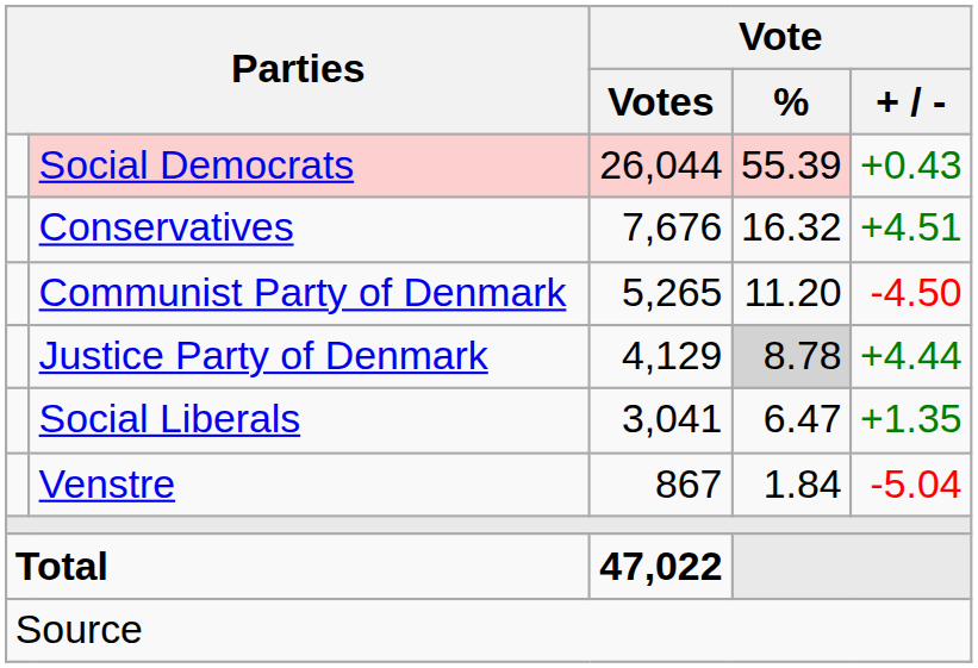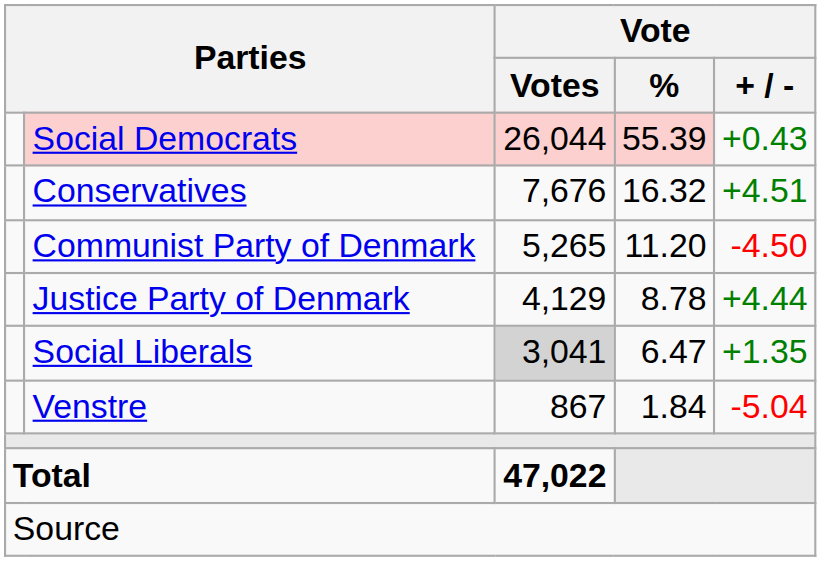 <table class="wikitable" style="text-align:right;">
 <tr>
 <th style="text-align:centre;" rowspan="2" colspan="2" width="225">Parties</th>
 <th colspan="3">Vote</th>
 </tr>
 <tr>
 <th width="15">Votes</th>
 <th width="15">%</th>
 <th width="15">+ / -</th>
 </tr>
 <tr>
 <td width="2" style="color:inherit;background:"></td>
 <td bgcolor=#fbd0ce  align="left"><a href='#'>Social Democrats</a></td>
 <td bgcolor=#fbd0ce>26,044</td>
 <td bgcolor=#fbd0ce>55.39</td>
 <td style=color:green;>+0.43</td>
 </tr>
 <tr>
 <td width="2" style="color:inherit;background:"></td>
 <td align="left"><a href='#'>Conservatives</a></td>
 <td>7,676</td>
 <td>16.32</td>
 <td style=color:green;>+4.51</td>
 </tr>
 <tr>
 <td width="2" style="color:inherit;background:"></td>
 <td align="left"><a href='#'>Communist Party of Denmark</a></td>
 <td>5,265</td>
 <td>11.20</td>
 <td style=color:red;>-4.50</td>
 </tr>
 <tr>
 <td width="2" style="color:inherit;background:"></td>
 <td align="left"><a href='#'>Justice Party of Denmark</a></td>
 <td>4,129</td>
-<td style="background: lightgrey;">8.78</td>
+<td>8.78</td>
 <td style=color:green;>+4.44</td>
 </tr>
 <tr>
 <td width="2" style="color:inherit;background:"></td>
 <td align="left"><a href='#'>Social Liberals</a></td>
-<td>3,041</td>
+<td style="background: lightgrey;">3,041</td>
 <td>6.47</td>
 <td style=color:green;>+1.35</td>
 </tr>
 <tr>
 <td width="2" style="color:inherit;background:"></td>
 <td align="left"><a href='#'>Venstre</a></td>
 <td>867</td>
 <td>1.84</td>
 <td style=color:red;>-5.04</td>
 </tr>
 <tr>
 <td colspan="7" bgcolor="#E9E9E9"></td>
 </tr>
 <tr>
 <td align="left" colspan="2"><strong>Total</strong></td>
 <td><strong>47,022</strong></td>
 <td bgcolor="#E9E9E9" colspan="2"></td>
 </tr>
 <tr>
 <td align="left" colspan="6">Source</td>
 </tr>
 </table>
